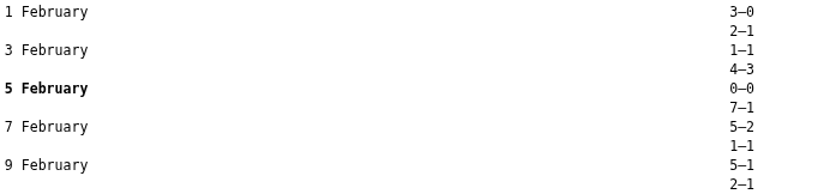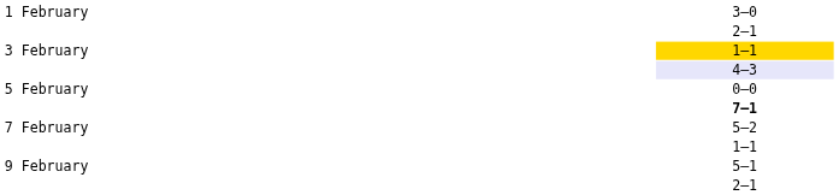 <table cellspacing="1" style="width:70%;">
 <tr>
 <th width=25%></th>
 <th width=30%></th>
 <th width=15%></th>
 <th width=30%></th>
 </tr>
 <tr>
 <td>1 February</td>
 <td align=right></td>
 <td align=center>3–0</td>
 <td></td>
 </tr>
 <tr>
 <td></td>
 <td align=right></td>
 <td align=center>2–1</td>
 <td></td>
 </tr>
 <tr>
 <td>3 February</td>
 <td align=right></td>
-<td align=center>1–1</td>
+<td align=center style="background: gold;">1–1</td>
 <td></td>
 </tr>
 <tr>
 <td></td>
 <td align=right></td>
-<td align=center>4–3</td>
+<td align=center style="background: lavender;">4–3</td>
 <td></td>
 </tr>
 <tr>
-<td><strong>5 February</strong></td>
+<td>5 February</td>
 <td align=right></td>
 <td align=center>0–0</td>
 <td></td>
 </tr>
 <tr>
 <td></td>
 <td align=right></td>
-<td align=center>7–1</td>
+<td align=center><strong>7–1</strong></td>
 <td></td>
 </tr>
 <tr>
 <td>7 February</td>
 <td align=right></td>
 <td align=center>5–2</td>
 <td></td>
 </tr>
 <tr>
 <td></td>
 <td align=right></td>
 <td align=center>1–1</td>
 <td></td>
 </tr>
 <tr>
 <td>9 February</td>
 <td align=right></td>
 <td align=center>5–1</td>
 <td></td>
 </tr>
 <tr>
 <td></td>
 <td align=right></td>
 <td align=center>2–1</td>
 <td></td>
 </tr>
 </table>
